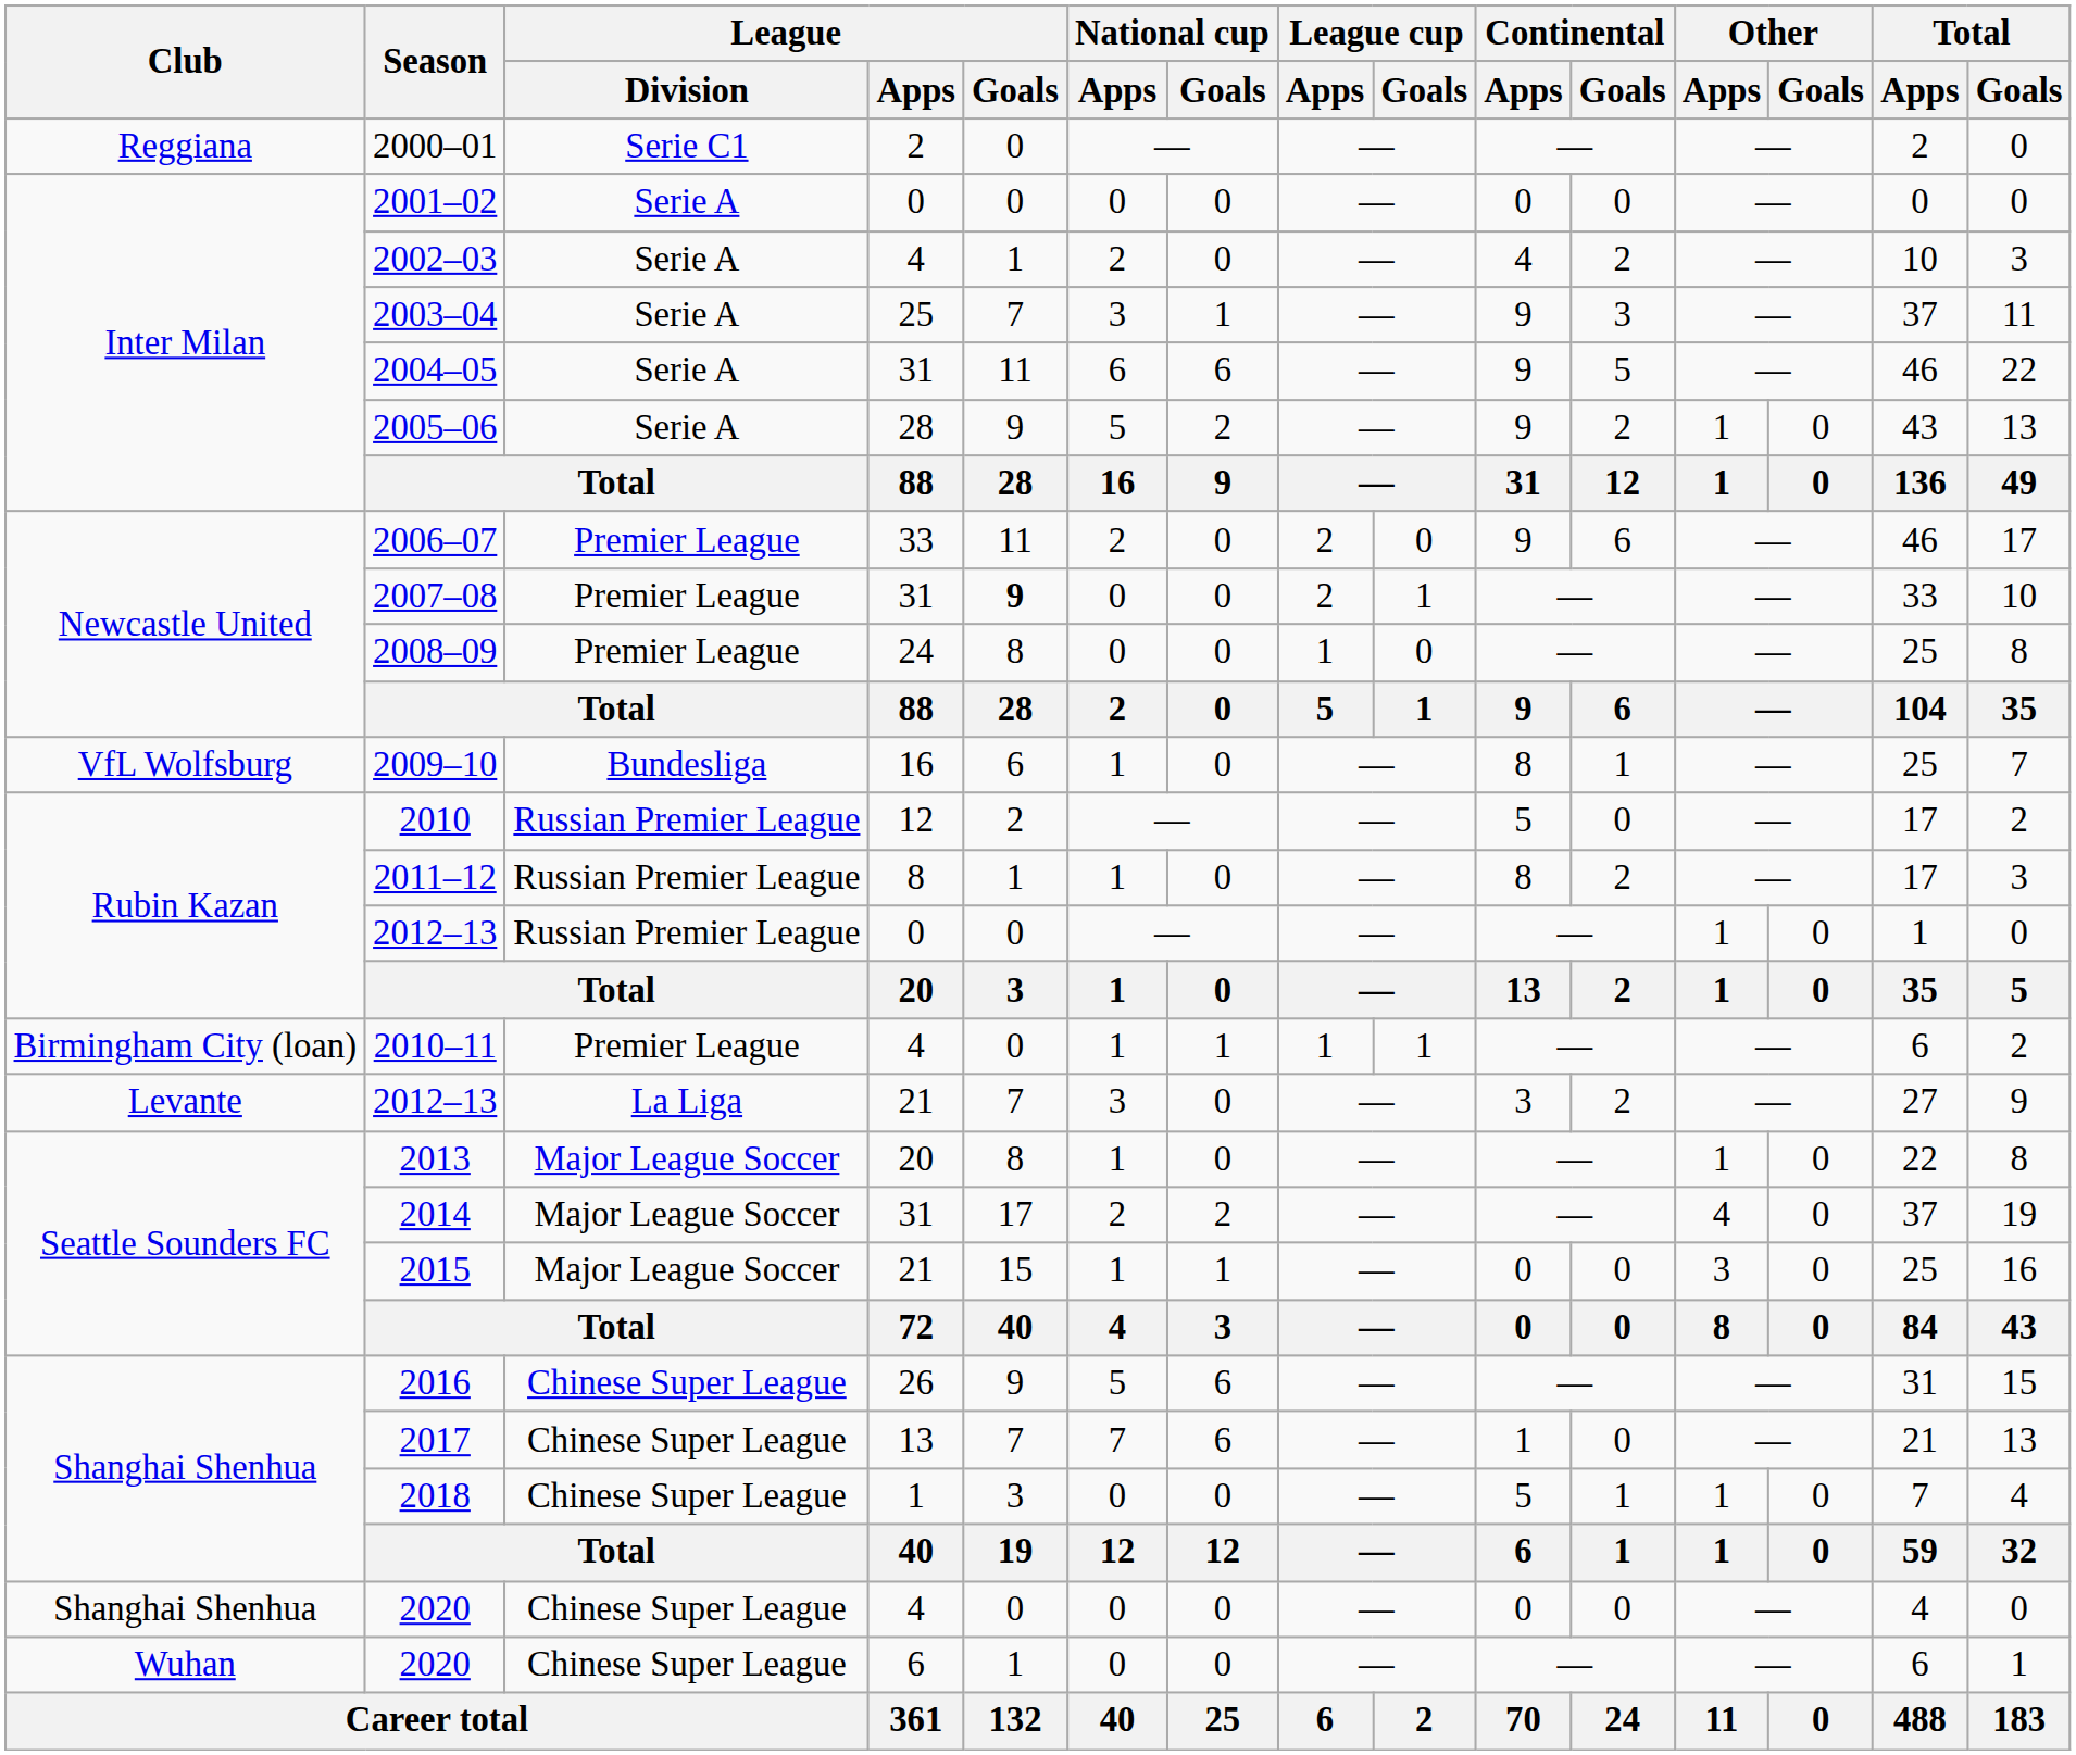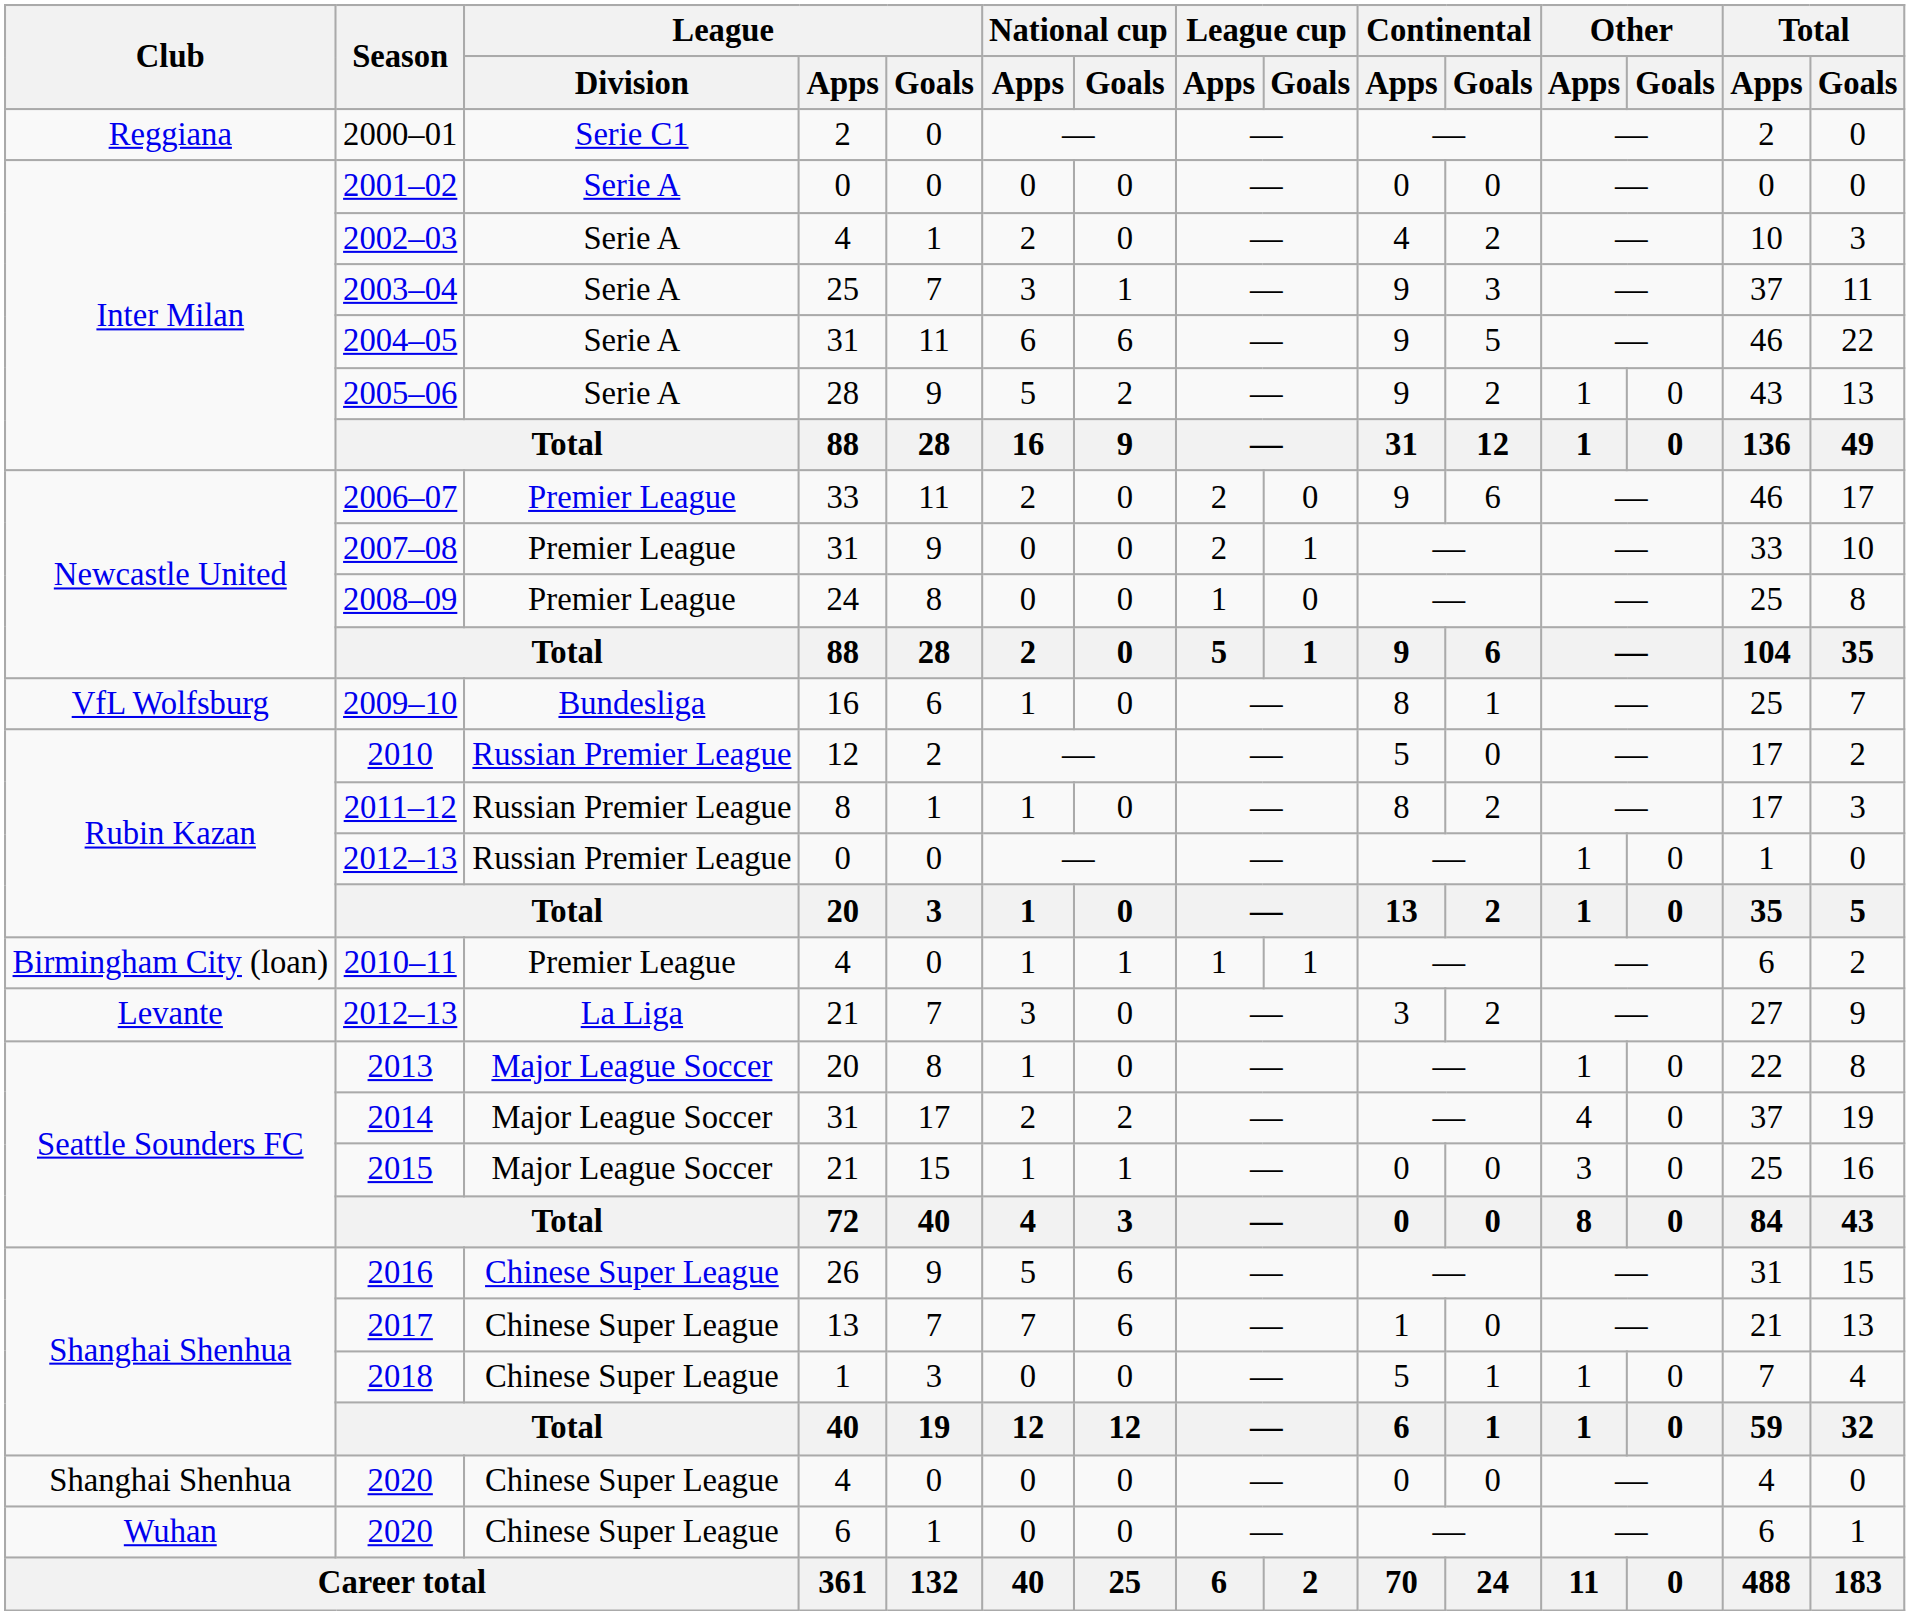 <table class="wikitable" style="text-align: center">
 <tr>
 <th rowspan="2">Club</th>
 <th rowspan="2">Season</th>
 <th colspan="3">League</th>
 <th colspan="2">National cup</th>
 <th colspan="2">League cup</th>
 <th colspan="2">Continental</th>
 <th colspan="2">Other</th>
 <th colspan="2">Total</th>
 </tr>
 <tr>
 <th>Division</th>
 <th>Apps</th>
 <th>Goals</th>
 <th>Apps</th>
 <th>Goals</th>
 <th>Apps</th>
 <th>Goals</th>
 <th>Apps</th>
 <th>Goals</th>
 <th>Apps</th>
 <th>Goals</th>
 <th>Apps</th>
 <th>Goals</th>
 </tr>
 <tr>
 <td><a href='#'>Reggiana</a></td>
 <td>2000–01</td>
 <td><a href='#'>Serie C1</a></td>
 <td>2</td>
 <td>0</td>
 <td colspan="2">—</td>
 <td colspan="2">—</td>
 <td colspan="2">—</td>
 <td colspan="2">—</td>
 <td>2</td>
 <td>0</td>
 </tr>
 <tr>
 <td rowspan="6"><a href='#'>Inter Milan</a></td>
 <td><a href='#'>2001–02</a></td>
 <td><a href='#'>Serie A</a></td>
 <td>0</td>
 <td>0</td>
 <td>0</td>
 <td>0</td>
 <td colspan="2">—</td>
 <td>0</td>
 <td>0</td>
 <td colspan="2">—</td>
 <td>0</td>
 <td>0</td>
 </tr>
 <tr>
 <td><a href='#'>2002–03</a></td>
 <td>Serie A</td>
 <td>4</td>
 <td>1</td>
 <td>2</td>
 <td>0</td>
 <td colspan="2">—</td>
 <td>4</td>
 <td>2</td>
 <td colspan="2">—</td>
 <td>10</td>
 <td>3</td>
 </tr>
 <tr>
 <td><a href='#'>2003–04</a></td>
 <td>Serie A</td>
 <td>25</td>
 <td>7</td>
 <td>3</td>
 <td>1</td>
 <td colspan="2">—</td>
 <td>9</td>
 <td>3</td>
 <td colspan="2">—</td>
 <td>37</td>
 <td>11</td>
 </tr>
 <tr>
 <td><a href='#'>2004–05</a></td>
 <td>Serie A</td>
 <td>31</td>
 <td>11</td>
 <td>6</td>
 <td>6</td>
 <td colspan="2">—</td>
 <td>9</td>
 <td>5</td>
 <td colspan="2">—</td>
 <td>46</td>
 <td>22</td>
 </tr>
 <tr>
 <td><a href='#'>2005–06</a></td>
 <td>Serie A</td>
 <td>28</td>
 <td>9</td>
 <td>5</td>
 <td>2</td>
 <td colspan="2">—</td>
 <td>9</td>
 <td>2</td>
 <td>1</td>
 <td>0</td>
 <td>43</td>
 <td>13</td>
 </tr>
 <tr>
 <th colspan="2">Total</th>
 <th>88</th>
 <th>28</th>
 <th>16</th>
 <th>9</th>
 <th colspan="2">—</th>
 <th>31</th>
 <th>12</th>
 <th>1</th>
 <th>0</th>
 <th>136</th>
 <th>49</th>
 </tr>
 <tr>
 <td rowspan="4"><a href='#'>Newcastle United</a></td>
 <td><a href='#'>2006–07</a></td>
 <td><a href='#'>Premier League</a></td>
 <td>33</td>
 <td>11</td>
 <td>2</td>
 <td>0</td>
 <td>2</td>
 <td>0</td>
 <td>9</td>
 <td>6</td>
 <td colspan="2">—</td>
 <td>46</td>
 <td>17</td>
 </tr>
 <tr>
 <td><a href='#'>2007–08</a></td>
 <td>Premier League</td>
 <td>31</td>
-<td><strong>9</strong></td>
+<td>9</td>
 <td>0</td>
 <td>0</td>
 <td>2</td>
 <td>1</td>
 <td colspan="2">—</td>
 <td colspan="2">—</td>
 <td>33</td>
 <td>10</td>
 </tr>
 <tr>
 <td><a href='#'>2008–09</a></td>
 <td>Premier League</td>
 <td>24</td>
 <td>8</td>
 <td>0</td>
 <td>0</td>
 <td>1</td>
 <td>0</td>
 <td colspan="2">—</td>
 <td colspan="2">—</td>
 <td>25</td>
 <td>8</td>
 </tr>
 <tr>
 <th colspan="2">Total</th>
 <th>88</th>
 <th>28</th>
 <th>2</th>
 <th>0</th>
 <th>5</th>
 <th>1</th>
 <th>9</th>
 <th>6</th>
 <th colspan="2">—</th>
 <th>104</th>
 <th>35</th>
 </tr>
 <tr>
 <td><a href='#'>VfL Wolfsburg</a></td>
 <td><a href='#'>2009–10</a></td>
 <td><a href='#'>Bundesliga</a></td>
 <td>16</td>
 <td>6</td>
 <td>1</td>
 <td>0</td>
 <td colspan="2">—</td>
 <td>8</td>
 <td>1</td>
 <td colspan="2">—</td>
 <td>25</td>
 <td>7</td>
 </tr>
 <tr>
 <td rowspan="4"><a href='#'>Rubin Kazan</a></td>
 <td><a href='#'>2010</a></td>
 <td><a href='#'>Russian Premier League</a></td>
 <td>12</td>
 <td>2</td>
 <td colspan="2">—</td>
 <td colspan="2">—</td>
 <td>5</td>
 <td>0</td>
 <td colspan="2">—</td>
 <td>17</td>
 <td>2</td>
 </tr>
 <tr>
 <td><a href='#'>2011–12</a></td>
 <td>Russian Premier League</td>
 <td>8</td>
 <td>1</td>
 <td>1</td>
 <td>0</td>
 <td colspan="2">—</td>
 <td>8</td>
 <td>2</td>
 <td colspan="2">—</td>
 <td>17</td>
 <td>3</td>
 </tr>
 <tr>
 <td><a href='#'>2012–13</a></td>
 <td>Russian Premier League</td>
 <td>0</td>
 <td>0</td>
 <td colspan="2">—</td>
 <td colspan="2">—</td>
 <td colspan="2">—</td>
 <td>1</td>
 <td>0</td>
 <td>1</td>
 <td>0</td>
 </tr>
 <tr>
 <th colspan="2">Total</th>
 <th>20</th>
 <th>3</th>
 <th>1</th>
 <th>0</th>
 <th colspan="2">—</th>
 <th>13</th>
 <th>2</th>
 <th>1</th>
 <th>0</th>
 <th>35</th>
 <th>5</th>
 </tr>
 <tr>
 <td><a href='#'>Birmingham City</a> (loan)</td>
 <td><a href='#'>2010–11</a></td>
 <td>Premier League</td>
 <td>4</td>
 <td>0</td>
 <td>1</td>
 <td>1</td>
 <td>1</td>
 <td>1</td>
 <td colspan="2">—</td>
 <td colspan="2">—</td>
 <td>6</td>
 <td>2</td>
 </tr>
 <tr>
 <td><a href='#'>Levante</a></td>
 <td><a href='#'>2012–13</a></td>
 <td><a href='#'>La Liga</a></td>
 <td>21</td>
 <td>7</td>
 <td>3</td>
 <td>0</td>
 <td colspan="2">—</td>
 <td>3</td>
 <td>2</td>
 <td colspan="2">—</td>
 <td>27</td>
 <td>9</td>
 </tr>
 <tr>
 <td rowspan="4"><a href='#'>Seattle Sounders FC</a></td>
 <td><a href='#'>2013</a></td>
 <td><a href='#'>Major League Soccer</a></td>
 <td>20</td>
 <td>8</td>
 <td>1</td>
 <td>0</td>
 <td colspan="2">—</td>
 <td colspan="2">—</td>
 <td>1</td>
 <td>0</td>
 <td>22</td>
 <td>8</td>
 </tr>
 <tr>
 <td><a href='#'>2014</a></td>
 <td>Major League Soccer</td>
 <td>31</td>
 <td>17</td>
 <td>2</td>
 <td>2</td>
 <td colspan="2">—</td>
 <td colspan="2">—</td>
 <td>4</td>
 <td>0</td>
 <td>37</td>
 <td>19</td>
 </tr>
 <tr>
 <td><a href='#'>2015</a></td>
 <td>Major League Soccer</td>
 <td>21</td>
 <td>15</td>
 <td>1</td>
 <td>1</td>
 <td colspan="2">—</td>
 <td>0</td>
 <td>0</td>
 <td>3</td>
 <td>0</td>
 <td>25</td>
 <td>16</td>
 </tr>
 <tr>
 <th colspan="2">Total</th>
 <th>72</th>
 <th>40</th>
 <th>4</th>
 <th>3</th>
 <th colspan="2">—</th>
 <th>0</th>
 <th>0</th>
 <th>8</th>
 <th>0</th>
 <th>84</th>
 <th>43</th>
 </tr>
 <tr>
 <td rowspan="4"><a href='#'>Shanghai Shenhua</a></td>
 <td><a href='#'>2016</a></td>
 <td><a href='#'>Chinese Super League</a></td>
 <td>26</td>
 <td>9</td>
 <td>5</td>
 <td>6</td>
 <td colspan="2">—</td>
 <td colspan="2">—</td>
 <td colspan="2">—</td>
 <td>31</td>
 <td>15</td>
 </tr>
 <tr>
 <td><a href='#'>2017</a></td>
 <td>Chinese Super League</td>
 <td>13</td>
 <td>7</td>
 <td>7</td>
 <td>6</td>
 <td colspan="2">—</td>
 <td>1</td>
 <td>0</td>
 <td colspan="2">—</td>
 <td>21</td>
 <td>13</td>
 </tr>
 <tr>
 <td><a href='#'>2018</a></td>
 <td>Chinese Super League</td>
 <td>1</td>
 <td>3</td>
 <td>0</td>
 <td>0</td>
 <td colspan="2">—</td>
 <td>5</td>
 <td>1</td>
 <td>1</td>
 <td>0</td>
 <td>7</td>
 <td>4</td>
 </tr>
 <tr>
 <th colspan="2">Total</th>
 <th>40</th>
 <th>19</th>
 <th>12</th>
 <th>12</th>
 <th colspan="2">—</th>
 <th>6</th>
 <th>1</th>
 <th>1</th>
 <th>0</th>
 <th>59</th>
 <th>32</th>
 </tr>
 <tr>
 <td>Shanghai Shenhua</td>
 <td><a href='#'>2020</a></td>
 <td>Chinese Super League</td>
 <td>4</td>
 <td>0</td>
 <td>0</td>
 <td>0</td>
 <td colspan="2">—</td>
 <td>0</td>
 <td>0</td>
 <td colspan="2">—</td>
 <td>4</td>
 <td>0</td>
 </tr>
 <tr>
 <td><a href='#'>Wuhan</a></td>
 <td><a href='#'>2020</a></td>
 <td>Chinese Super League</td>
 <td>6</td>
 <td>1</td>
 <td>0</td>
 <td>0</td>
 <td colspan="2">—</td>
 <td colspan="2">—</td>
 <td colspan="2">—</td>
 <td>6</td>
 <td>1</td>
 </tr>
 <tr>
 <th colspan="3">Career total</th>
 <th>361</th>
 <th>132</th>
 <th>40</th>
 <th>25</th>
 <th>6</th>
 <th>2</th>
 <th>70</th>
 <th>24</th>
 <th>11</th>
 <th>0</th>
 <th>488</th>
 <th>183</th>
 </tr>
 </table>
